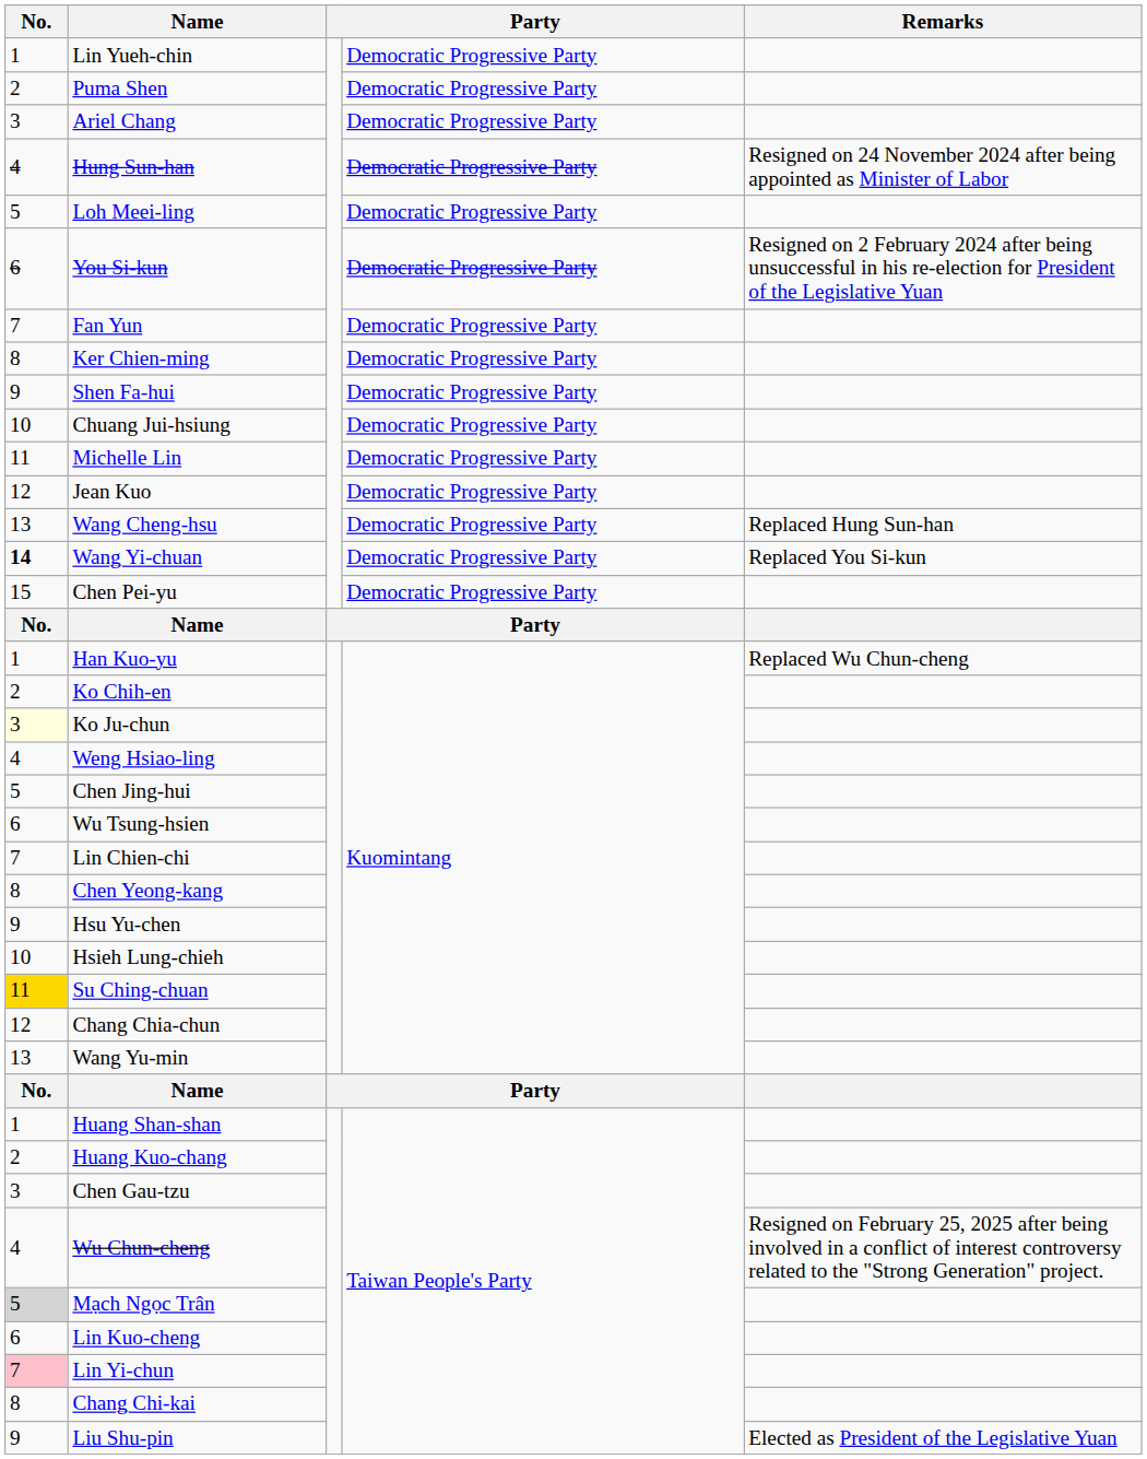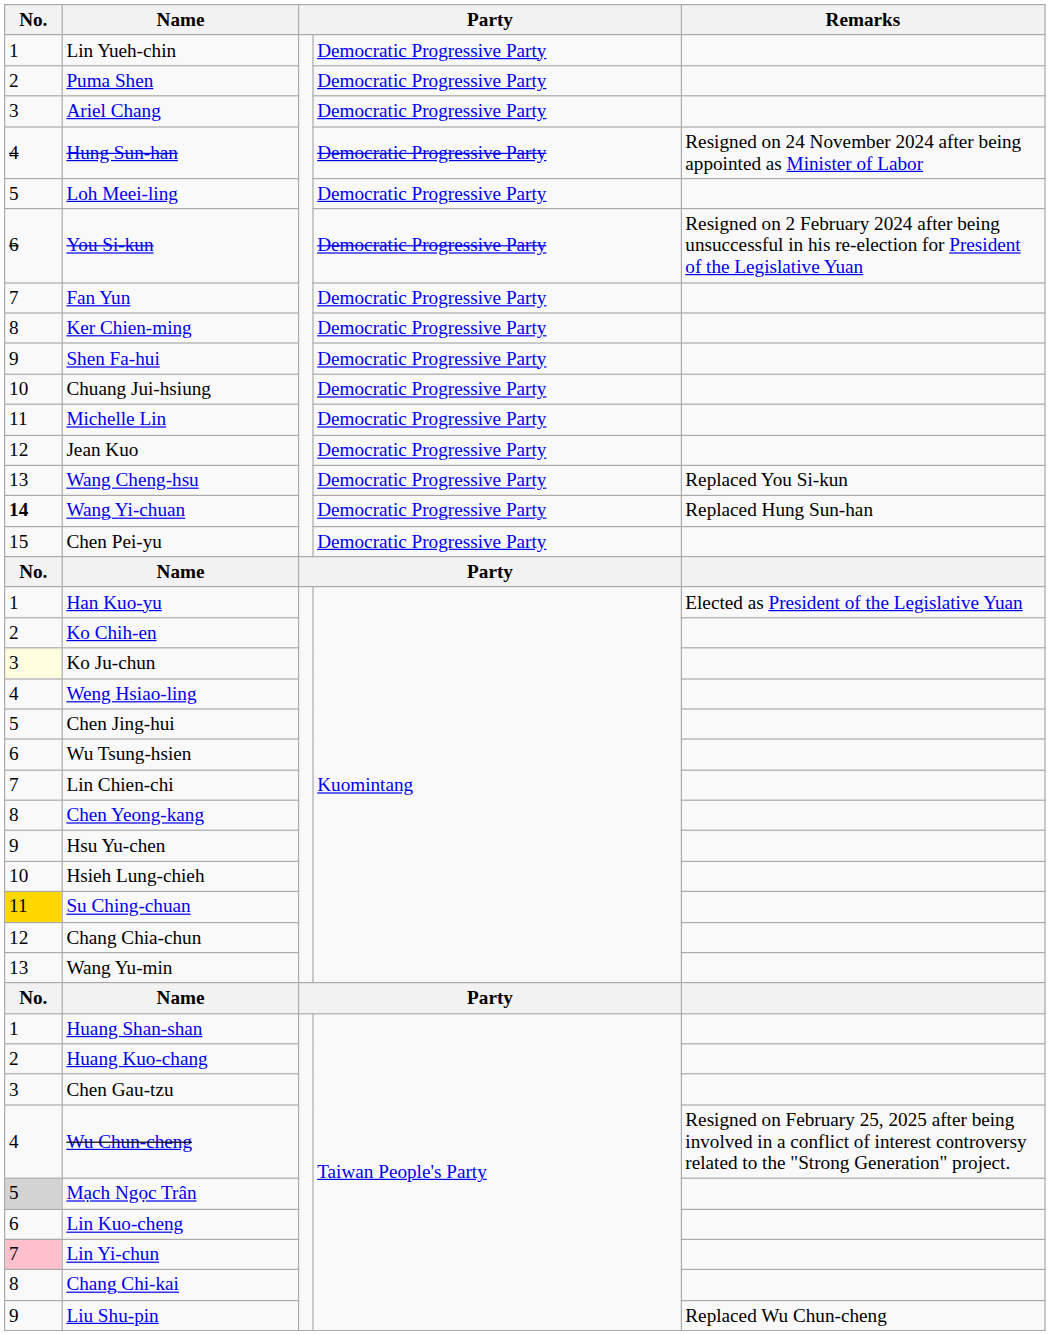 <table class="wikitable">
 <tr>
 <th>No.</th>
 <th>Name</th>
 <th colspan="2">Party</th>
 <th width=35%>Remarks</th>
 </tr>
 <tr>
 <td>1</td>
 <td>Lin Yueh-chin</td>
 <td rowspan="15" style="background-color:"></td>
 <td><a href='#'>Democratic Progressive Party</a></td>
 <td></td>
 </tr>
 <tr>
 <td>2</td>
 <td><a href='#'>Puma Shen</a></td>
 <td><a href='#'>Democratic Progressive Party</a></td>
 <td></td>
 </tr>
 <tr>
 <td>3</td>
 <td><a href='#'>Ariel Chang</a></td>
 <td><a href='#'>Democratic Progressive Party</a></td>
 <td></td>
 </tr>
 <tr>
 <td><s>4</s></td>
 <td><a href='#'><s>Hung Sun-han</s></a></td>
 <td><a href='#'><s>Democratic Progressive Party</s></a></td>
 <td>Resigned on 24 November 2024 after being appointed as <a href='#'>Minister of Labor</a></td>
 </tr>
 <tr>
 <td>5</td>
 <td><a href='#'>Loh Meei-ling</a></td>
 <td><a href='#'>Democratic Progressive Party</a></td>
 <td></td>
 </tr>
 <tr>
 <td><s>6</s></td>
 <td><a href='#'><s>You Si-kun</s></a></td>
 <td><a href='#'><s>Democratic Progressive Party</s></a></td>
 <td>Resigned on 2 February 2024 after being unsuccessful in his re-election for <a href='#'>President of the Legislative Yuan</a></td>
 </tr>
 <tr>
 <td>7</td>
 <td><a href='#'>Fan Yun</a></td>
 <td><a href='#'>Democratic Progressive Party</a></td>
 <td></td>
 </tr>
 <tr>
 <td>8</td>
 <td><a href='#'>Ker Chien-ming</a></td>
 <td><a href='#'>Democratic Progressive Party</a></td>
 <td></td>
 </tr>
 <tr>
 <td>9</td>
 <td><a href='#'>Shen Fa-hui</a></td>
 <td><a href='#'>Democratic Progressive Party</a></td>
 <td></td>
 </tr>
 <tr>
 <td>10</td>
 <td>Chuang Jui-hsiung</td>
 <td><a href='#'>Democratic Progressive Party</a></td>
 <td></td>
 </tr>
 <tr>
 <td>11</td>
 <td><a href='#'>Michelle Lin</a></td>
 <td><a href='#'>Democratic Progressive Party</a></td>
 <td></td>
 </tr>
 <tr>
 <td>12</td>
 <td>Jean Kuo</td>
 <td><a href='#'>Democratic Progressive Party</a></td>
 <td></td>
 </tr>
 <tr>
 <td>13</td>
 <td><a href='#'>Wang Cheng-hsu</a></td>
 <td><a href='#'>Democratic Progressive Party</a></td>
-<td>Replaced Hung Sun-han</td>
+<td>Replaced You Si-kun</td>
 </tr>
 <tr>
 <td><strong>14</strong></td>
 <td><a href='#'>Wang Yi-chuan</a></td>
 <td><a href='#'>Democratic Progressive Party</a></td>
-<td>Replaced You Si-kun</td>
+<td>Replaced Hung Sun-han</td>
 </tr>
 <tr>
 <td>15</td>
 <td>Chen Pei-yu</td>
 <td><a href='#'>Democratic Progressive Party</a></td>
 <td></td>
 </tr>
 <tr>
 <th>No.</th>
 <th>Name</th>
 <th colspan="2">Party</th>
 <th></th>
 </tr>
 <tr>
 <td>1</td>
 <td><a href='#'>Han Kuo-yu</a></td>
 <td rowspan="13" style="background-color:"></td>
 <td rowspan="13"><a href='#'>Kuomintang</a></td>
-<td>Replaced Wu Chun-cheng</td>
+<td>Elected as <a href='#'>President of the Legislative Yuan</a></td>
 </tr>
 <tr>
 <td>2</td>
 <td><a href='#'>Ko Chih-en</a></td>
 <td></td>
 </tr>
 <tr>
 <td style="background: lightyellow;">3</td>
 <td>Ko Ju-chun</td>
 <td></td>
 </tr>
 <tr>
 <td>4</td>
 <td><a href='#'>Weng Hsiao-ling</a></td>
 <td></td>
 </tr>
 <tr>
 <td>5</td>
 <td>Chen Jing-hui</td>
 <td></td>
 </tr>
 <tr>
 <td>6</td>
 <td>Wu Tsung-hsien</td>
 <td></td>
 </tr>
 <tr>
 <td>7</td>
 <td>Lin Chien-chi</td>
 <td></td>
 </tr>
 <tr>
 <td>8</td>
 <td><a href='#'>Chen Yeong-kang</a></td>
 <td></td>
 </tr>
 <tr>
 <td>9</td>
 <td>Hsu Yu-chen</td>
 <td></td>
 </tr>
 <tr>
 <td>10</td>
 <td>Hsieh Lung-chieh</td>
 <td></td>
 </tr>
 <tr>
 <td style="background: gold;">11</td>
 <td><a href='#'>Su Ching-chuan</a></td>
 <td></td>
 </tr>
 <tr>
 <td>12</td>
 <td>Chang Chia-chun</td>
 <td></td>
 </tr>
 <tr>
 <td>13</td>
 <td>Wang Yu-min</td>
 <td></td>
 </tr>
 <tr>
 <th>No.</th>
 <th>Name</th>
 <th colspan="2">Party</th>
 <th></th>
 </tr>
 <tr>
 <td>1</td>
 <td><a href='#'>Huang Shan-shan</a></td>
 <td rowspan="9" style="background-color:"></td>
 <td rowspan="9"><a href='#'>Taiwan People's Party</a></td>
 <td></td>
 </tr>
 <tr>
 <td>2</td>
 <td><a href='#'>Huang Kuo-chang</a></td>
 <td></td>
 </tr>
 <tr>
 <td>3</td>
 <td>Chen Gau-tzu</td>
 <td></td>
 </tr>
 <tr>
 <td>4</td>
 <td><s><a href='#'>Wu Chun-cheng</a></s></td>
 <td>Resigned on February 25, 2025 after being involved in a conflict of interest controversy related to the "Strong Generation" project.</td>
 </tr>
 <tr>
 <td style="background: lightgrey;">5</td>
 <td><a href='#'>Mạch Ngọc Trân</a></td>
 <td></td>
 </tr>
 <tr>
 <td>6</td>
 <td><a href='#'>Lin Kuo-cheng</a></td>
 <td></td>
 </tr>
 <tr>
 <td style="background: pink;">7</td>
 <td><a href='#'>Lin Yi-chun</a></td>
 <td></td>
 </tr>
 <tr>
 <td>8</td>
 <td><a href='#'>Chang Chi-kai</a></td>
 <td></td>
 </tr>
 <tr>
 <td>9</td>
 <td><a href='#'>Liu Shu-pin</a></td>
-<td>Elected as <a href='#'>President of the Legislative Yuan</a></td>
+<td>Replaced Wu Chun-cheng</td>
 </tr>
 </table>
